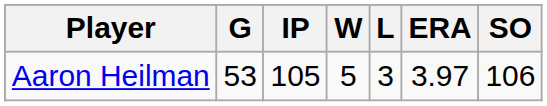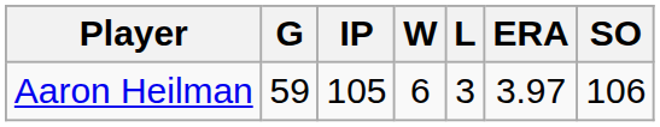 <table class="wikitable sortable">
 <tr>
 <th>Player</th>
 <th>G</th>
 <th>IP</th>
 <th>W</th>
 <th>L</th>
 <th>ERA</th>
 <th>SO</th>
 </tr>
 <tr align=center>
 <td><a href='#'>Aaron Heilman</a></td>
-<td>53</td>
+<td>59</td>
 <td>105</td>
-<td>5</td>
+<td>6</td>
 <td>3</td>
 <td>3.97</td>
 <td>106</td>
 </tr>
 </table>
